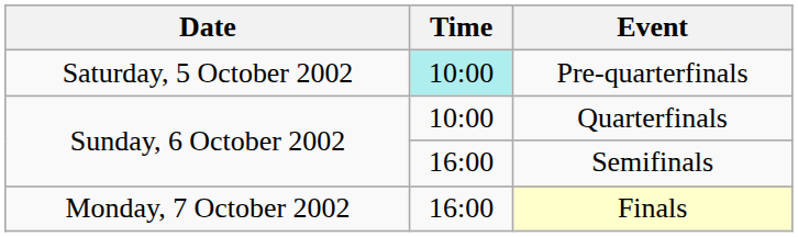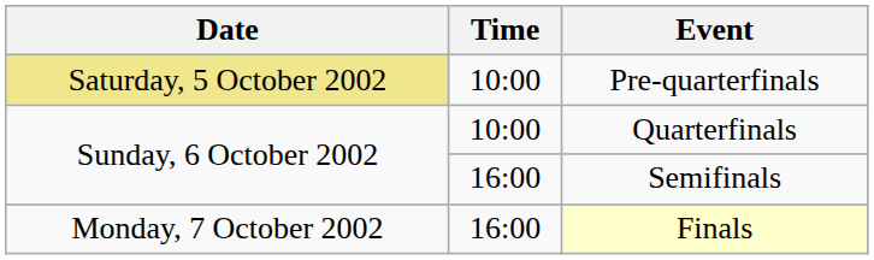 <table class = "wikitable" style="text-align:center;">
 <tr>
 <th width=220>Date</th>
 <th width=50>Time</th>
 <th width=150>Event</th>
 </tr>
 <tr>
-<td>Saturday, 5 October 2002</td>
-<td style="background: paleturquoise;">10:00</td>
+<td style="background: khaki;">Saturday, 5 October 2002</td>
+<td>10:00</td>
 <td>Pre-quarterfinals</td>
 </tr>
 <tr>
 <td rowspan=2>Sunday, 6 October 2002</td>
 <td>10:00</td>
 <td>Quarterfinals</td>
 </tr>
 <tr>
 <td>16:00</td>
 <td>Semifinals</td>
 </tr>
 <tr>
 <td>Monday, 7 October 2002</td>
 <td>16:00</td>
 <td bgcolor=ffffcc>Finals</td>
 </tr>
 </table>
